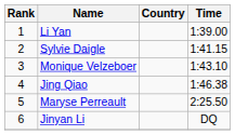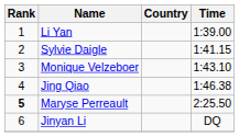 <table class="wikitable" style="text-align:center">
 <tr>
 <th>Rank</th>
 <th>Name</th>
 <th>Country</th>
 <th>Time</th>
 </tr>
 <tr>
 <td>1</td>
 <td align=left><a href='#'>Li Yan</a></td>
 <td align=left></td>
 <td>1:39.00</td>
 </tr>
 <tr>
 <td>2</td>
 <td align=left><a href='#'>Sylvie Daigle</a></td>
 <td align=left></td>
 <td>1:41.15</td>
 </tr>
 <tr>
 <td>3</td>
 <td align=left><a href='#'>Monique Velzeboer</a></td>
 <td align=left></td>
 <td>1:43.10</td>
 </tr>
 <tr>
 <td>4</td>
 <td align=left><a href='#'>Jing Qiao</a></td>
 <td align=left></td>
 <td>1:46.38</td>
 </tr>
 <tr>
-<td>5</td>
+<td><strong>5</strong></td>
 <td align=left><a href='#'>Maryse Perreault</a></td>
 <td align=left></td>
 <td>2:25.50</td>
 </tr>
 <tr>
 <td>6</td>
 <td align=left><a href='#'>Jinyan Li</a></td>
 <td align=left></td>
 <td>DQ</td>
 </tr>
 <tr>
 </tr>
 </table>
